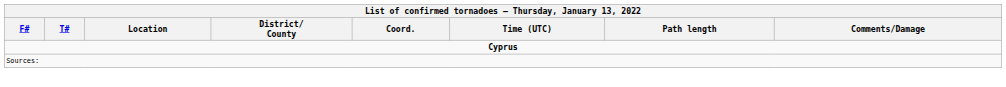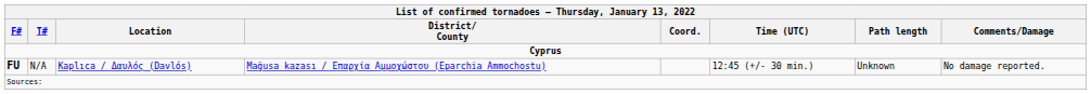 <table class="wikitable collapsible" width="100%">
 <tr>
 <th colspan="8">List of confirmed tornadoes – Thursday, January 13, 2022</th>
 </tr>
 <tr>
 <th><a href='#'>F#</a></th>
 <th><a href='#'>T#</a></th>
 <th>Location</th>
 <th>District/<br>County</th>
 <th>Coord.</th>
 <th>Time (UTC)</th>
 <th>Path length</th>
 <th>Comments/Damage</th>
 </tr>
 <tr>
 <td colspan="8" align=center><strong>Cyprus</strong></td>
 </tr>
 <tr>
+<td><big><strong>FU</strong></big></td>
+<td>N/A</td>
+<td><a href='#'>Kaplıca / Δαυλός (Davlós)</a></td>
+<td><a href='#'>Mağusa kazası / Επαρχία Αμμοχώστου (Eparchia Ammochostu)</a></td>
+<td></td>
+<td>12:45 (+/- 30 min.)</td>
+<td>Unknown</td>
+<td>No damage reported.</td>
+</tr>
+<tr>
 <td colspan="8"><small>Sources:  </small></td>
 </tr>
 </table>
